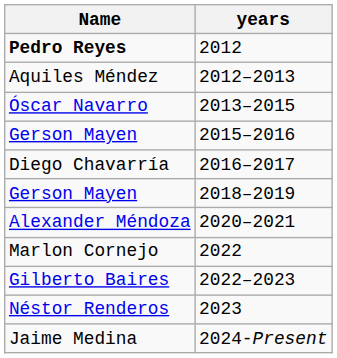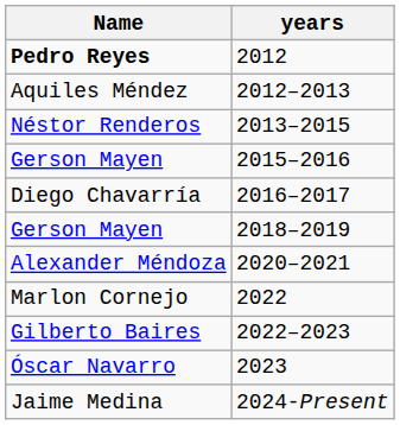 <table class="wikitable" style="text-align: left">
 <tr>
 <th rowspan="1">Name</th>
 <th rowspan="1">years</th>
 </tr>
 <tr>
 <td><strong> Pedro Reyes</strong></td>
 <td>2012</td>
 </tr>
 <tr>
 <td> Aquiles Méndez</td>
 <td>2012–2013</td>
 </tr>
 <tr>
-<td> <a href='#'>Óscar Navarro</a></td>
+<td> <a href='#'>Néstor Renderos</a></td>
 <td>2013–2015</td>
 </tr>
 <tr>
 <td> <a href='#'>Gerson Mayen</a></td>
 <td>2015–2016</td>
 </tr>
 <tr>
 <td> Diego Chavarría</td>
 <td>2016–2017</td>
 </tr>
 <tr>
 <td> <a href='#'>Gerson Mayen</a></td>
 <td>2018–2019</td>
 </tr>
 <tr>
 <td> <a href='#'>Alexander Méndoza</a></td>
 <td>2020–2021</td>
 </tr>
 <tr>
 <td> Marlon Cornejo</td>
 <td>2022</td>
 </tr>
 <tr>
 <td> <a href='#'>Gilberto Baires</a></td>
 <td>2022–2023</td>
 </tr>
 <tr>
-<td> <a href='#'>Néstor Renderos</a></td>
+<td> <a href='#'>Óscar Navarro</a></td>
 <td>2023</td>
 </tr>
 <tr>
 <td> Jaime Medina</td>
 <td>2024-<em>Present</em></td>
 </tr>
 </table>
